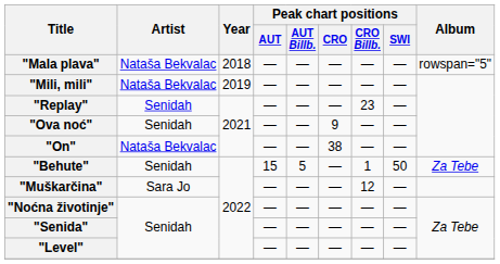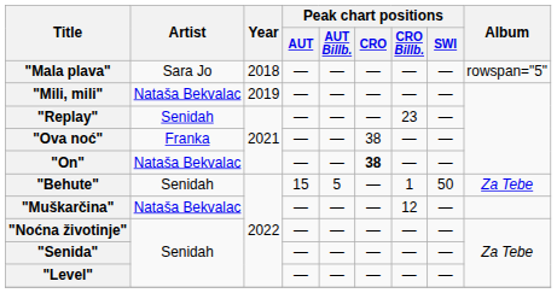 <table class="wikitable plainrowheaders" style="text-align:center;">
 <tr>
 <th scope="col" rowspan="2">Title</th>
 <th scope="col" rowspan="2">Artist</th>
 <th scope="col" rowspan="2">Year</th>
 <th scope="col" colspan="5">Peak chart positions</th>
 <th scope="col" rowspan="2">Album</th>
 </tr>
 <tr>
 <th style="width:2.5em; font-size:85%"><a href='#'>AUT</a><br></th>
 <th style="width:2.5em; font-size:85%"><a href='#'>AUT<br><em>Billb.</em></a><br></th>
 <th style="width:2.5em; font-size:85%"><a href='#'>CRO</a><br></th>
 <th style="width:2.5em; font-size:85%"><a href='#'>CRO<br><em>Billb.</em></a><br></th>
 <th style="width:2.5em; font-size:85%"><a href='#'>SWI</a><br></th>
 </tr>
 <tr>
 <th scope="row">"Mala plava"</th>
-<td><a href='#'>Nataša Bekvalac</a></td>
+<td>Sara Jo</td>
 <td>2018</td>
 <td>—</td>
 <td>—</td>
 <td>—</td>
 <td>—</td>
 <td>—</td>
 <td>rowspan="5" </td>
 </tr>
 <tr>
 <th scope="row">"Mili, mili"</th>
 <td><a href='#'>Nataša Bekvalac</a></td>
 <td>2019</td>
 <td>—</td>
 <td>—</td>
 <td>—</td>
 <td>—</td>
 <td>—</td>
 </tr>
 <tr>
 <th scope="row">"Replay"</th>
 <td><a href='#'>Senidah</a></td>
 <td rowspan="3">2021</td>
 <td>—</td>
 <td>—</td>
 <td>—</td>
 <td>23</td>
 <td>—</td>
 </tr>
 <tr>
 <th scope="row">"Ova noć"</th>
-<td>Senidah</td>
+<td><a href='#'>Franka</a></td>
 <td>—</td>
 <td>—</td>
-<td>9</td>
+<td>38</td>
 <td>—</td>
 <td>—</td>
 </tr>
 <tr>
 <th scope="row">"On"</th>
 <td><a href='#'>Nataša Bekvalac</a></td>
 <td>—</td>
 <td>—</td>
-<td>38</td>
+<td><strong>38</strong></td>
 <td>—</td>
 <td>—</td>
 </tr>
 <tr>
 <th scope="row">"Behute"</th>
 <td>Senidah</td>
 <td rowspan="5">2022</td>
 <td>15</td>
 <td>5</td>
 <td>—</td>
 <td>1</td>
 <td>50</td>
 <td><em><a href='#'>Za Tebe</a></em></td>
 </tr>
 <tr>
 <th scope="row">"Muškarčina"</th>
-<td>Sara Jo</td>
+<td><a href='#'>Nataša Bekvalac</a></td>
 <td>—</td>
 <td>—</td>
 <td>—</td>
 <td>12</td>
 <td>—</td>
 <td></td>
 </tr>
 <tr>
 <th scope="row">"Noćna životinje"</th>
 <td rowspan="3">Senidah</td>
 <td>—</td>
 <td>—</td>
 <td>—</td>
 <td>—</td>
 <td>—</td>
 <td rowspan="3"><em>Za Tebe</em></td>
 </tr>
 <tr>
 <th scope="row">"Senida"</th>
 <td>—</td>
 <td>—</td>
 <td>—</td>
 <td>—</td>
 <td>—</td>
 </tr>
 <tr>
 <th scope="row">"Level"</th>
 <td>—</td>
 <td>—</td>
 <td>—</td>
 <td>—</td>
 <td>—</td>
 </tr>
 <tr>
 </tr>
 </table>
